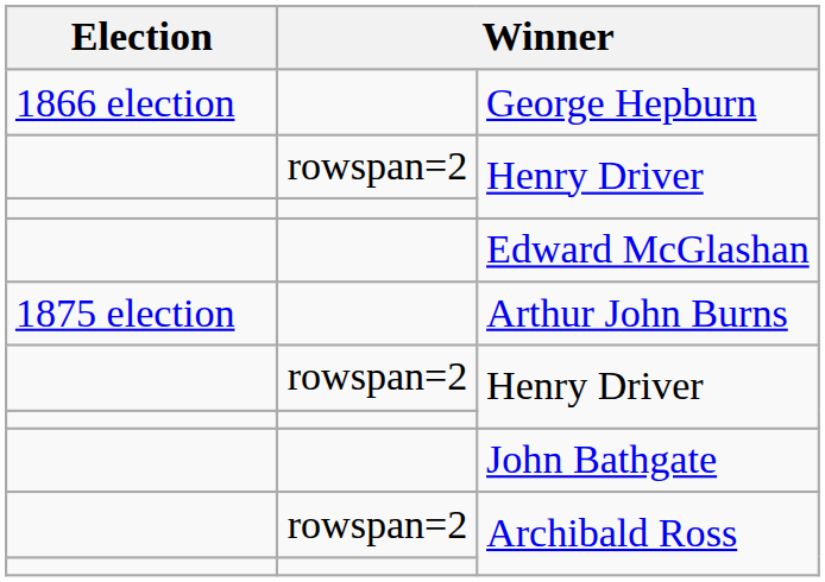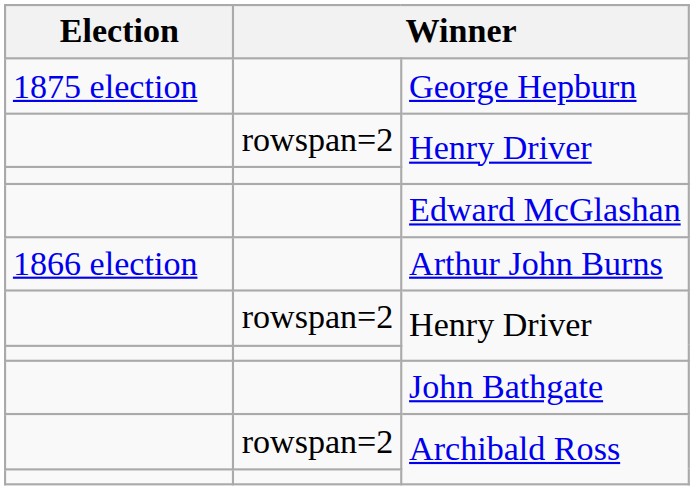 <table class=wikitable>
 <tr>
 <th width=100>Election</th>
 <th width=175 colspan=2>Winner</th>
 </tr>
 <tr>
-<td><a href='#'>1866 election</a></td>
+<td><a href='#'>1875 election</a></td>
 <td></td>
 <td><a href='#'>George Hepburn</a></td>
 </tr>
 <tr>
 <td></td>
 <td>rowspan=2 </td>
 <td rowspan=2><a href='#'>Henry Driver</a></td>
 </tr>
 <tr>
 <td></td>
 </tr>
 <tr>
 <td></td>
 <td></td>
 <td><a href='#'>Edward McGlashan</a></td>
 </tr>
 <tr>
-<td><a href='#'>1875 election</a></td>
+<td><a href='#'>1866 election</a></td>
 <td></td>
 <td><a href='#'>Arthur John Burns</a></td>
 </tr>
 <tr>
 <td></td>
 <td>rowspan=2 </td>
 <td rowspan=2>Henry Driver</td>
 </tr>
 <tr>
 <td></td>
 </tr>
 <tr>
 <td></td>
 <td></td>
 <td><a href='#'>John Bathgate</a></td>
 </tr>
 <tr>
 <td></td>
 <td>rowspan=2 </td>
 <td rowspan=2><a href='#'>Archibald Ross</a></td>
 </tr>
 <tr>
 <td></td>
 </tr>
 </table>
